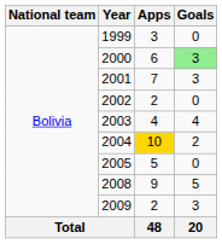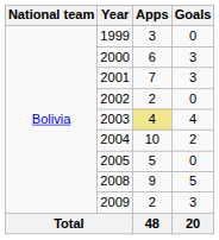 <table class="wikitable" style="text-align:center">
 <tr>
 <th>National team</th>
 <th>Year</th>
 <th>Apps</th>
 <th>Goals</th>
 </tr>
 <tr>
 <td rowspan="9"><a href='#'>Bolivia</a></td>
 <td>1999</td>
 <td>3</td>
 <td>0</td>
 </tr>
 <tr>
 <td>2000</td>
 <td>6</td>
-<td style="background: lightgreen;">3</td>
+<td>3</td>
 </tr>
 <tr>
 <td>2001</td>
 <td>7</td>
 <td>3</td>
 </tr>
 <tr>
 <td>2002</td>
 <td>2</td>
 <td>0</td>
 </tr>
 <tr>
 <td>2003</td>
-<td>4</td>
+<td style="background: khaki;">4</td>
 <td>4</td>
 </tr>
 <tr>
 <td>2004</td>
-<td style="background: gold;">10</td>
+<td>10</td>
 <td>2</td>
 </tr>
 <tr>
 <td>2005</td>
 <td>5</td>
 <td>0</td>
 </tr>
 <tr>
 <td>2008</td>
 <td>9</td>
 <td>5</td>
 </tr>
 <tr>
 <td>2009</td>
 <td>2</td>
 <td>3</td>
 </tr>
 <tr>
 <th colspan="2">Total</th>
 <th>48</th>
 <th>20</th>
 </tr>
 </table>
